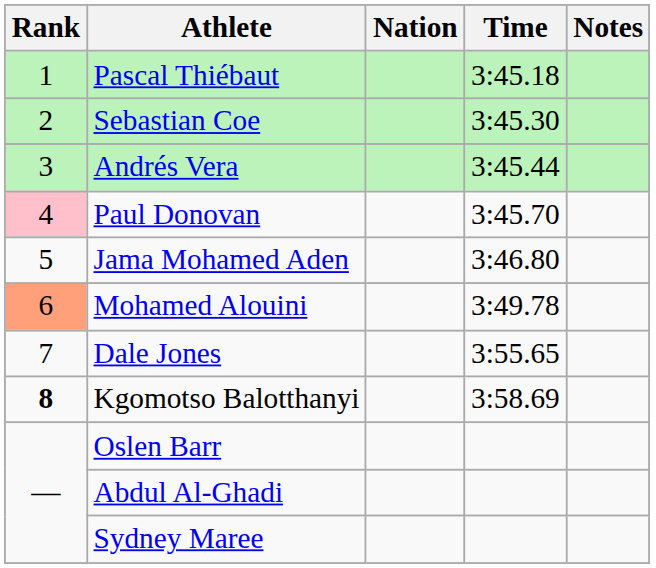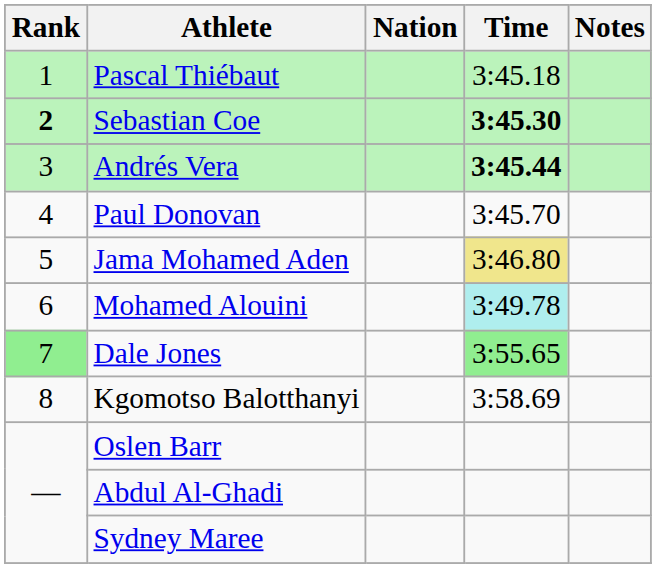 <table class="wikitable sortable" style="text-align:center">
 <tr>
 <th>Rank</th>
 <th>Athlete</th>
 <th>Nation</th>
 <th>Time</th>
 <th>Notes</th>
 </tr>
 <tr style="background:#bbf3bb;">
 <td>1</td>
 <td align=left><a href='#'>Pascal Thiébaut</a></td>
 <td align=left></td>
 <td>3:45.18</td>
 <td></td>
 </tr>
 <tr style="background:#bbf3bb;">
-<td>2</td>
+<td><strong>2</strong></td>
 <td align=left><a href='#'>Sebastian Coe</a></td>
 <td align=left></td>
-<td>3:45.30</td>
+<td><strong>3:45.30</strong></td>
 <td></td>
 </tr>
 <tr style="background:#bbf3bb;">
 <td>3</td>
 <td align=left><a href='#'>Andrés Vera</a></td>
 <td align=left></td>
-<td>3:45.44</td>
+<td><strong>3:45.44</strong></td>
 <td></td>
 </tr>
 <tr>
-<td style="background: pink;">4</td>
+<td>4</td>
 <td align=left><a href='#'>Paul Donovan</a></td>
 <td align=left></td>
 <td>3:45.70</td>
 <td></td>
 </tr>
 <tr>
 <td>5</td>
 <td align=left><a href='#'>Jama Mohamed Aden</a></td>
 <td align=left></td>
-<td>3:46.80</td>
+<td style="background: khaki;">3:46.80</td>
 <td></td>
 </tr>
 <tr>
-<td style="background: lightsalmon;">6</td>
+<td>6</td>
 <td align=left><a href='#'>Mohamed Alouini</a></td>
 <td align=left></td>
-<td>3:49.78</td>
+<td style="background: paleturquoise;">3:49.78</td>
 <td></td>
 </tr>
 <tr>
-<td>7</td>
+<td style="background: lightgreen;">7</td>
 <td align=left><a href='#'>Dale Jones</a></td>
 <td align=left></td>
-<td>3:55.65</td>
+<td style="background: lightgreen;">3:55.65</td>
 <td></td>
 </tr>
 <tr>
-<td><strong>8</strong></td>
+<td>8</td>
 <td align=left>Kgomotso Balotthanyi</td>
 <td align=left></td>
 <td>3:58.69</td>
 <td></td>
 </tr>
 <tr>
 <td rowspan=3 data-sort-value=9>—</td>
 <td align=left><a href='#'>Oslen Barr</a></td>
 <td align=left></td>
 <td></td>
 <td></td>
 </tr>
 <tr>
 <td align=left><a href='#'>Abdul Al-Ghadi</a></td>
 <td align=left></td>
 <td></td>
 <td></td>
 </tr>
 <tr>
 <td align=left><a href='#'>Sydney Maree</a></td>
 <td align=left></td>
 <td></td>
 <td></td>
 </tr>
 </table>
